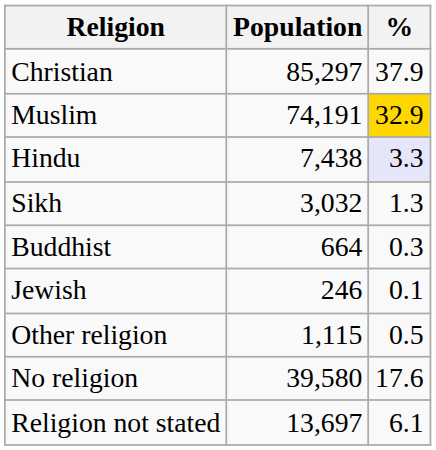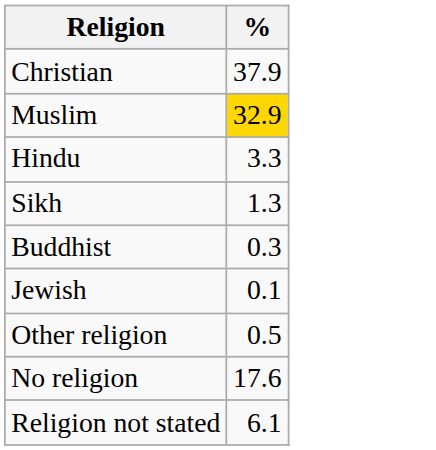 <table class="wikitable" style="display: inline-table;">
 <tr>
 <th>Religion</th>
-<th>Population</th>
 <th>%</th>
 </tr>
 <tr>
 <td>Christian</td>
-<td style="text-align:right;">85,297</td>
 <td style="text-align:right;">37.9</td>
 </tr>
 <tr>
 <td>Muslim</td>
-<td style="text-align:right;">74,191</td>
 <td style="background: gold; text-align:right;">32.9</td>
 </tr>
 <tr>
 <td>Hindu</td>
-<td style="text-align:right;">7,438</td>
-<td style="background: lavender; text-align:right;">3.3</td>
+<td style="text-align:right;">3.3</td>
 </tr>
 <tr>
 <td>Sikh</td>
-<td style="text-align:right;">3,032</td>
 <td style="text-align:right;">1.3</td>
 </tr>
 <tr>
 <td>Buddhist</td>
-<td style="text-align:right;">664</td>
 <td style="text-align:right;">0.3</td>
 </tr>
 <tr>
 <td>Jewish</td>
-<td style="text-align:right;">246</td>
 <td style="text-align:right;">0.1</td>
 </tr>
 <tr>
 <td>Other religion</td>
-<td style="text-align:right;">1,115</td>
 <td style="text-align:right;">0.5</td>
 </tr>
 <tr>
 <td>No religion</td>
-<td style="text-align:right;">39,580</td>
 <td style="text-align:right;">17.6</td>
 </tr>
 <tr>
 <td>Religion not stated</td>
-<td style="text-align:right;">13,697</td>
 <td style="text-align:right;">6.1</td>
 </tr>
 </table>
